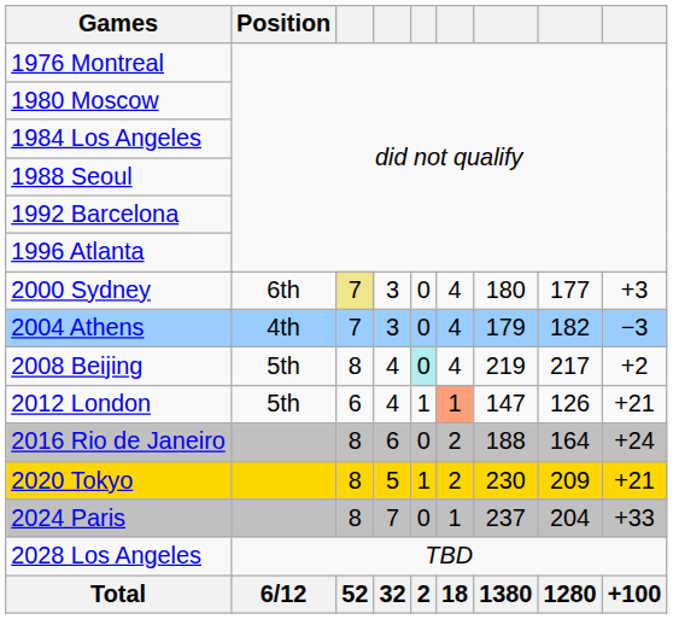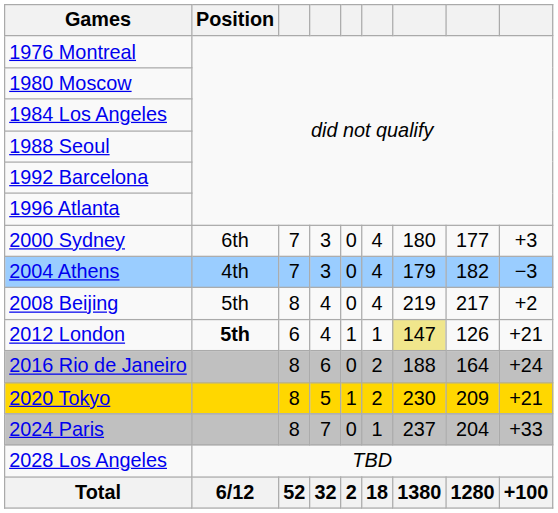 <table class="wikitable" style="text-align:center;">
 <tr>
 <th>Games</th>
 <th>Position</th>
 <th></th>
 <th></th>
 <th></th>
 <th></th>
 <th></th>
 <th></th>
 <th></th>
 </tr>
 <tr>
 <td align=left> <a href='#'>1976 Montreal</a></td>
 <td colspan="8" rowspan=6><em>did not qualify</em></td>
 </tr>
 <tr>
 <td align=left> <a href='#'>1980 Moscow</a></td>
 </tr>
 <tr>
 <td align=left> <a href='#'>1984 Los Angeles</a></td>
 </tr>
 <tr>
 <td align=left> <a href='#'>1988 Seoul</a></td>
 </tr>
 <tr>
 <td align=left> <a href='#'>1992 Barcelona</a></td>
 </tr>
 <tr>
 <td align=left> <a href='#'>1996 Atlanta</a></td>
 </tr>
 <tr>
 <td align=left> <a href='#'>2000 Sydney</a></td>
 <td>6th</td>
-<td style="background: khaki;">7</td>
+<td>7</td>
 <td>3</td>
 <td>0</td>
 <td>4</td>
 <td>180</td>
 <td>177</td>
 <td>+3</td>
 </tr>
 <tr style="background:#9acdff;">
 <td align=left> <a href='#'>2004 Athens</a></td>
 <td>4th</td>
 <td>7</td>
 <td>3</td>
 <td>0</td>
 <td>4</td>
 <td>179</td>
 <td>182</td>
 <td>−3</td>
 </tr>
 <tr>
 <td align=left> <a href='#'>2008 Beijing</a></td>
 <td>5th</td>
 <td>8</td>
 <td>4</td>
-<td style="background: paleturquoise;">0</td>
+<td>0</td>
 <td>4</td>
 <td>219</td>
 <td>217</td>
 <td>+2</td>
 </tr>
 <tr>
 <td align=left> <a href='#'>2012 London</a></td>
-<td>5th</td>
+<td><strong>5th</strong></td>
 <td>6</td>
 <td>4</td>
 <td>1</td>
-<td style="background: lightsalmon;">1</td>
-<td>147</td>
+<td>1</td>
+<td style="background: khaki;">147</td>
 <td>126</td>
 <td>+21</td>
 </tr>
 <tr bgcolor=silver>
 <td align=left> <a href='#'>2016 Rio de Janeiro</a></td>
 <td></td>
 <td>8</td>
 <td>6</td>
 <td>0</td>
 <td>2</td>
 <td>188</td>
 <td>164</td>
 <td>+24</td>
 </tr>
 <tr bgcolor=gold>
 <td align=left> <a href='#'>2020 Tokyo</a></td>
 <td></td>
 <td>8</td>
 <td>5</td>
 <td>1</td>
 <td>2</td>
 <td>230</td>
 <td>209</td>
 <td>+21</td>
 </tr>
 <tr bgcolor=silver>
 <td align=left> <a href='#'>2024 Paris</a></td>
 <td></td>
 <td>8</td>
 <td>7</td>
 <td>0</td>
 <td>1</td>
 <td>237</td>
 <td>204</td>
 <td>+33</td>
 </tr>
 <tr>
 <td align=left> <a href='#'>2028 Los Angeles</a></td>
 <td colspan="8"><em>TBD</em></td>
 </tr>
 <tr>
 <th>Total</th>
 <th>6/12</th>
 <th>52</th>
 <th>32</th>
 <th>2</th>
 <th>18</th>
 <th>1380</th>
 <th>1280</th>
 <th>+100</th>
 </tr>
 </table>
